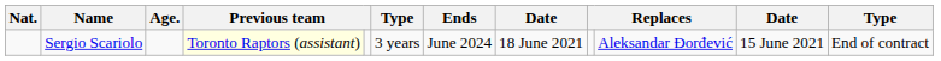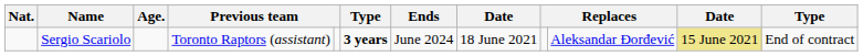 <table class="wikitable sortable">
 <tr>
 <th>Nat.</th>
 <th>Name</th>
 <th>Age.</th>
 <th colspan=2>Previous team</th>
 <th>Type</th>
 <th>Ends</th>
 <th>Date</th>
 <th colspan=2>Replaces</th>
 <th>Date</th>
 <th>Type</th>
 </tr>
 <tr>
 <td style="text-align:center"></td>
 <td><a href='#'>Sergio Scariolo</a></td>
 <td style="text-align:center"></td>
-<td style="background: lightyellow;"><a href='#'>Toronto Raptors</a> (<em>assistant</em>)</td>
+<td><a href='#'>Toronto Raptors</a> (<em>assistant</em>)</td>
 <td style="text-align:center"></td>
-<td style="text-align:center">3 years</td>
+<td style="text-align:center"><strong>3 years</strong></td>
 <td style="text-align:center">June 2024</td>
 <td style="text-align:center">18 June 2021</td>
 <td style="text-align:center"></td>
 <td><a href='#'>Aleksandar Đorđević</a></td>
-<td style="text-align:center">15 June 2021</td>
+<td style="background: khaki; text-align:center">15 June 2021</td>
 <td>End of contract</td>
 </tr>
 </table>
